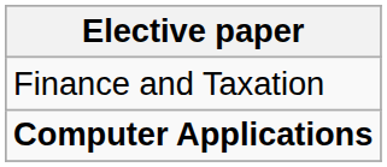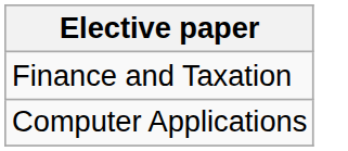 <table class="wikitable" border="1">
 <tr>
 <th>Elective paper</th>
 </tr>
 <tr>
 <td>Finance and Taxation</td>
 </tr>
 <tr>
-<td><strong>Computer Applications</strong></td>
+<td>Computer Applications</td>
 </tr>
 </table>
